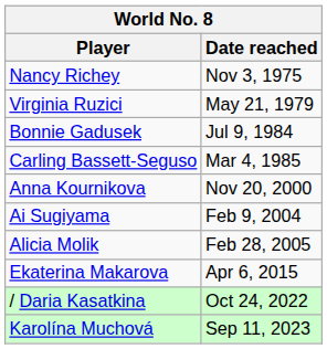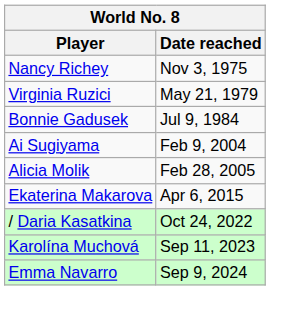 <table class="wikitable nowrap" style="display:inline-table; font-size:85%">
 <tr>
 <th colspan="2">World No. 8</th>
 </tr>
 <tr>
 <th>Player</th>
 <th>Date reached</th>
 </tr>
 <tr>
 <td> <a href='#'>Nancy Richey</a></td>
 <td>Nov 3, 1975</td>
 </tr>
 <tr>
 <td> <a href='#'>Virginia Ruzici</a></td>
 <td>May 21, 1979</td>
 </tr>
 <tr>
 <td> <a href='#'>Bonnie Gadusek</a></td>
 <td>Jul 9, 1984</td>
 </tr>
 <tr>
-<td> <a href='#'>Carling Bassett-Seguso</a></td>
-<td>Mar 4, 1985</td>
-</tr>
-<tr>
-<td> <a href='#'>Anna Kournikova</a></td>
-<td>Nov 20, 2000</td>
-</tr>
-<tr>
 <td> <a href='#'>Ai Sugiyama</a></td>
 <td>Feb 9, 2004</td>
 </tr>
 <tr>
 <td> <a href='#'>Alicia Molik</a></td>
 <td>Feb 28, 2005</td>
 </tr>
 <tr>
 <td> <a href='#'>Ekaterina Makarova</a></td>
 <td>Apr 6, 2015</td>
 </tr>
 <tr bgcolor=ccffcc>
 <td>/ <a href='#'>Daria Kasatkina</a></td>
 <td>Oct 24, 2022</td>
 </tr>
 <tr bgcolor=ccffcc>
 <td> <a href='#'>Karolína Muchová</a></td>
 <td>Sep 11, 2023</td>
 </tr>
+<tr bgcolor=ccffcc>
+<td> <a href='#'>Emma Navarro</a></td>
+<td>Sep 9, 2024</td>
+</tr>
 </table>
